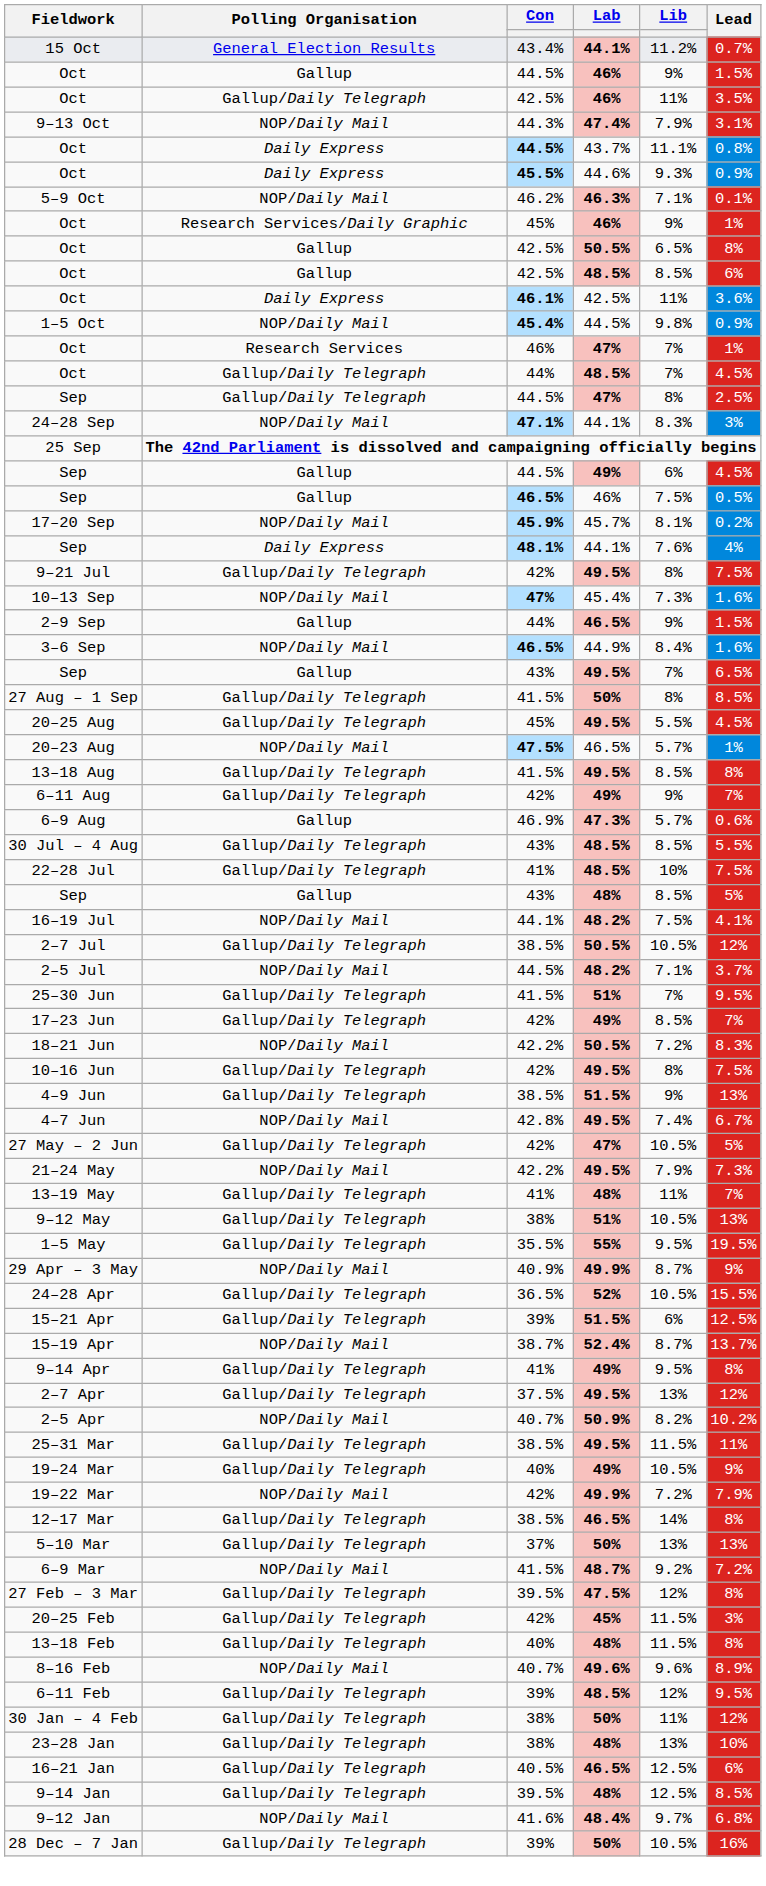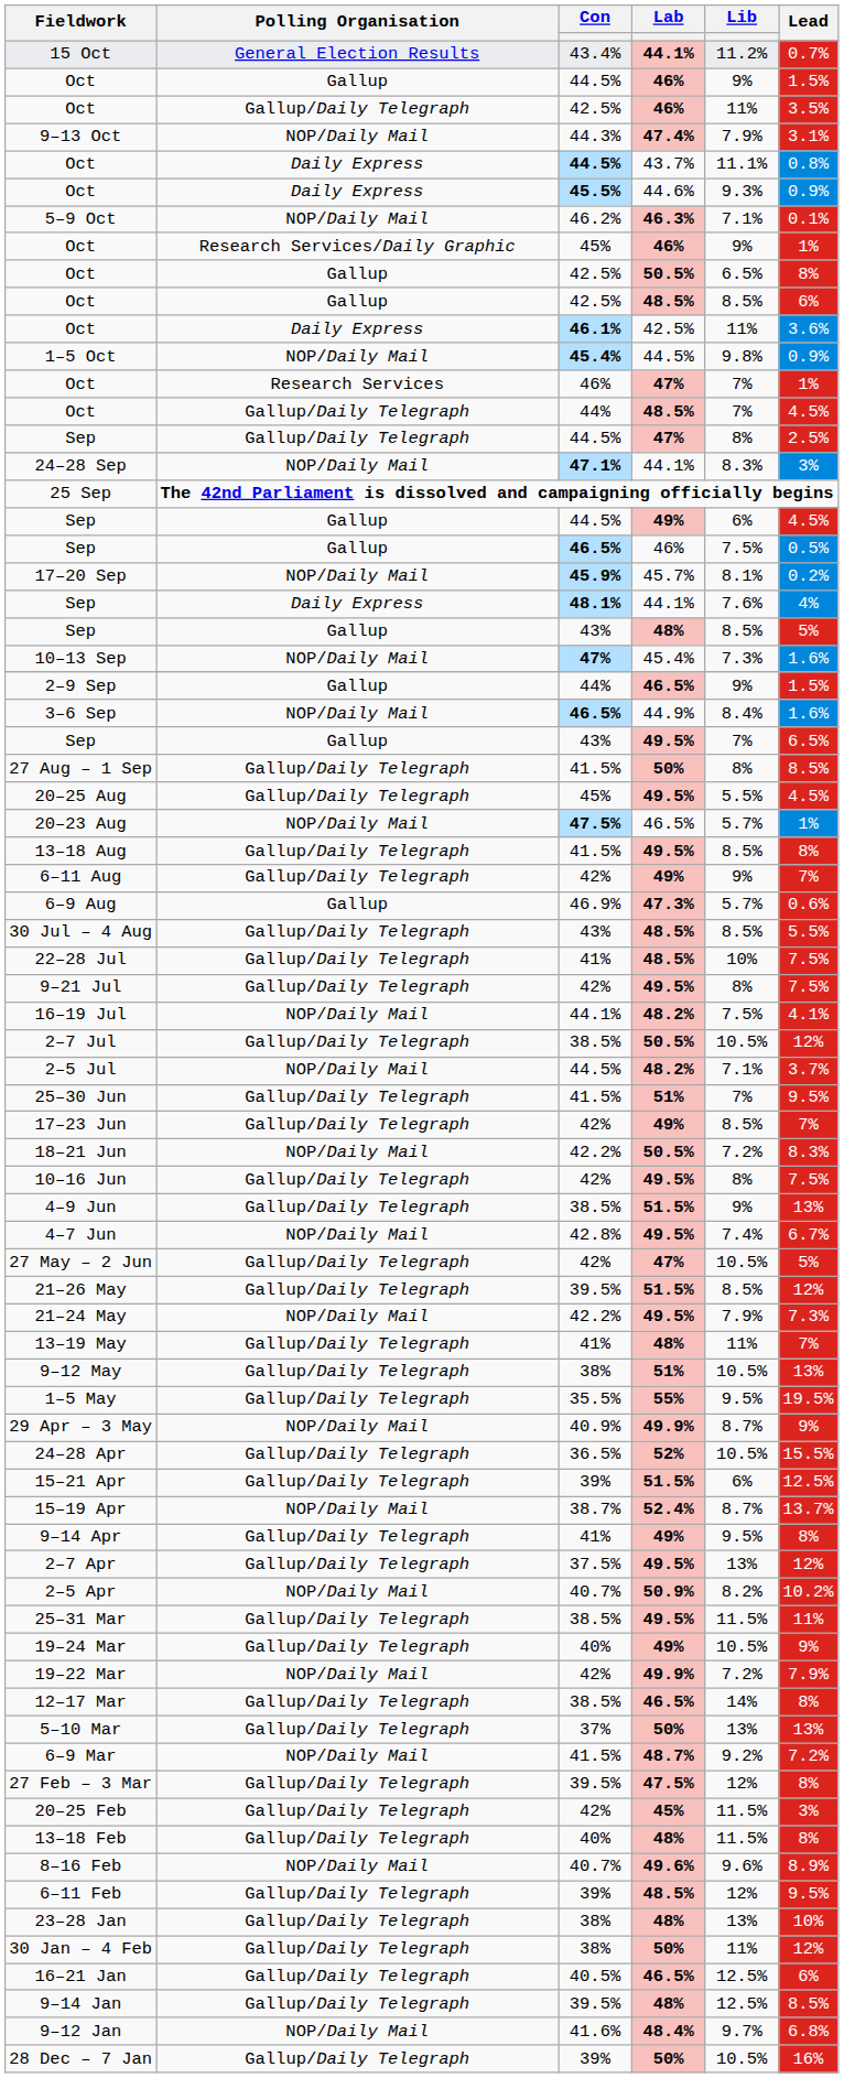 <table class="wikitable" style="text-align: center; line-height: 14px; font-size: 95%;">
 <tr>
 <th rowspan="2">Fieldwork</th>
 <th rowspan="2">Polling Organisation</th>
 <th><a href='#'>Con</a></th>
 <th><a href='#'>Lab</a></th>
 <th><a href='#'>Lib</a></th>
 <th class="unsortable" style="width:20px;" rowspan="2">Lead</th>
 </tr>
 <tr>
 <th style="background:"></th>
 <th style="background:"></th>
 <th style="background:"></th>
 </tr>
 <tr>
 <td style="background:#EAECF0;">15 Oct</td>
 <td style="background:#EAECF0;"><a href='#'>General Election Results</a></td>
 <td style="background:#EAECF0;">43.4%</td>
 <td style="background:#F8C1BE;"><strong>44.1%</strong></td>
 <td style="background:#EAECF0;">11.2%</td>
 <td style="background:#DC241F; color:white;">0.7%</td>
 </tr>
 <tr>
 <td>Oct</td>
 <td>Gallup</td>
 <td>44.5%</td>
 <td style="background:#F8C1BE"><strong>46%</strong></td>
 <td>9%</td>
 <td style="background:#DC241F; color:white;">1.5%</td>
 </tr>
 <tr>
 <td>Oct</td>
 <td>Gallup/<em>Daily Telegraph</em></td>
 <td>42.5%</td>
 <td style="background:#F8C1BE"><strong>46%</strong></td>
 <td>11%</td>
 <td style="background:#DC241F; color:white;">3.5%</td>
 </tr>
 <tr>
 <td>9–13 Oct</td>
 <td>NOP/<em>Daily Mail</em></td>
 <td>44.3%</td>
 <td style="background:#F8C1BE"><strong>47.4%</strong></td>
 <td>7.9%</td>
 <td style="background:#DC241F; color:white;">3.1%</td>
 </tr>
 <tr>
 <td>Oct</td>
 <td><em>Daily Express</em></td>
 <td style="background:#B3E0FF"><strong>44.5%</strong></td>
 <td>43.7%</td>
 <td>11.1%</td>
 <td style="background:#0087DC; color:white;">0.8%</td>
 </tr>
 <tr>
 <td>Oct</td>
 <td><em>Daily Express</em></td>
 <td style="background:#B3E0FF"><strong>45.5%</strong></td>
 <td>44.6%</td>
 <td>9.3%</td>
 <td style="background:#0087DC; color:white;">0.9%</td>
 </tr>
 <tr>
 <td>5–9 Oct</td>
 <td>NOP/<em>Daily Mail</em></td>
 <td>46.2%</td>
 <td style="background:#F8C1BE"><strong>46.3%</strong></td>
 <td>7.1%</td>
 <td style="background:#DC241F; color:white;">0.1%</td>
 </tr>
 <tr>
 <td>Oct</td>
 <td>Research Services/<em>Daily Graphic</em></td>
 <td>45%</td>
 <td style="background:#F8C1BE"><strong>46%</strong></td>
 <td>9%</td>
 <td style="background:#DC241F; color:white;">1%</td>
 </tr>
 <tr>
 <td>Oct</td>
 <td>Gallup</td>
 <td>42.5%</td>
 <td style="background:#F8C1BE"><strong>50.5%</strong></td>
 <td>6.5%</td>
 <td style="background:#DC241F; color:white;">8%</td>
 </tr>
 <tr>
 <td>Oct</td>
 <td>Gallup</td>
 <td>42.5%</td>
 <td style="background:#F8C1BE"><strong>48.5%</strong></td>
 <td>8.5%</td>
 <td style="background:#DC241F; color:white;">6%</td>
 </tr>
 <tr>
 <td>Oct</td>
 <td><em>Daily Express</em></td>
 <td style="background:#B3E0FF"><strong>46.1%</strong></td>
 <td>42.5%</td>
 <td>11%</td>
 <td style="background:#0087DC; color:white;">3.6%</td>
 </tr>
 <tr>
 <td>1–5 Oct</td>
 <td>NOP/<em>Daily Mail</em></td>
 <td style="background:#B3E0FF"><strong>45.4%</strong></td>
 <td>44.5%</td>
 <td>9.8%</td>
 <td style="background:#0087DC; color:white;">0.9%</td>
 </tr>
 <tr>
 <td>Oct</td>
 <td>Research Services</td>
 <td>46%</td>
 <td style="background:#F8C1BE"><strong>47%</strong></td>
 <td>7%</td>
 <td style="background:#DC241F; color:white;">1%</td>
 </tr>
 <tr>
 <td>Oct</td>
 <td>Gallup/<em>Daily Telegraph</em></td>
 <td>44%</td>
 <td style="background:#F8C1BE"><strong>48.5%</strong></td>
 <td>7%</td>
 <td style="background:#DC241F; color:white;">4.5%</td>
 </tr>
 <tr>
 <td>Sep</td>
 <td>Gallup/<em>Daily Telegraph</em></td>
 <td>44.5%</td>
 <td style="background:#F8C1BE"><strong>47%</strong></td>
 <td>8%</td>
 <td style="background:#DC241F; color:white;">2.5%</td>
 </tr>
 <tr>
 <td>24–28 Sep</td>
 <td>NOP/<em>Daily Mail</em></td>
 <td style="background:#B3E0FF"><strong>47.1%</strong></td>
 <td>44.1%</td>
 <td>8.3%</td>
 <td style="background:#0087DC; color:white;">3%</td>
 </tr>
 <tr>
 <td>25 Sep</td>
 <td colspan="5"><strong>The <a href='#'>42nd Parliament</a> is dissolved and campaigning officially begins</strong></td>
 </tr>
 <tr>
 <td>Sep</td>
 <td>Gallup</td>
 <td>44.5%</td>
 <td style="background:#F8C1BE"><strong>49%</strong></td>
 <td>6%</td>
 <td style="background:#DC241F; color:white;">4.5%</td>
 </tr>
 <tr>
 <td>Sep</td>
 <td>Gallup</td>
 <td style="background:#B3E0FF"><strong>46.5%</strong></td>
 <td>46%</td>
 <td>7.5%</td>
 <td style="background:#0087DC; color:white;">0.5%</td>
 </tr>
 <tr>
 <td>17–20 Sep</td>
 <td>NOP/<em>Daily Mail</em></td>
 <td style="background:#B3E0FF"><strong>45.9%</strong></td>
 <td>45.7%</td>
 <td>8.1%</td>
 <td style="background:#0087DC; color:white;">0.2%</td>
 </tr>
 <tr>
 <td>Sep</td>
 <td><em>Daily Express</em></td>
 <td style="background:#B3E0FF"><strong>48.1%</strong></td>
 <td>44.1%</td>
 <td>7.6%</td>
 <td style="background:#0087DC; color:white;">4%</td>
 </tr>
 <tr>
-<td>9–21 Jul</td>
-<td>Gallup/<em>Daily Telegraph</em></td>
-<td>42%</td>
-<td style="background:#F8C1BE"><strong>49.5%</strong></td>
-<td>8%</td>
-<td style="background:#DC241F; color:white;">7.5%</td>
+<td>Sep</td>
+<td>Gallup</td>
+<td>43%</td>
+<td style="background:#F8C1BE"><strong>48%</strong></td>
+<td>8.5%</td>
+<td style="background:#DC241F; color:white;">5%</td>
 </tr>
 <tr>
 <td>10–13 Sep</td>
 <td>NOP/<em>Daily Mail</em></td>
 <td style="background:#B3E0FF"><strong>47%</strong></td>
 <td>45.4%</td>
 <td>7.3%</td>
 <td style="background:#0087DC; color:white;">1.6%</td>
 </tr>
 <tr>
 </tr>
 <tr>
 <td>2–9 Sep</td>
 <td>Gallup</td>
 <td>44%</td>
 <td style="background:#F8C1BE"><strong>46.5%</strong></td>
 <td>9%</td>
 <td style="background:#DC241F; color:white;">1.5%</td>
 </tr>
 <tr>
 <td>3–6 Sep</td>
 <td>NOP/<em>Daily Mail</em></td>
 <td style="background:#B3E0FF"><strong>46.5%</strong></td>
 <td>44.9%</td>
 <td>8.4%</td>
 <td style="background:#0087DC; color:white;">1.6%</td>
 </tr>
 <tr>
 <td>Sep</td>
 <td>Gallup</td>
 <td>43%</td>
 <td style="background:#F8C1BE"><strong>49.5%</strong></td>
 <td>7%</td>
 <td style="background:#DC241F; color:white;">6.5%</td>
 </tr>
 <tr>
 <td>27 Aug – 1 Sep</td>
 <td>Gallup/<em>Daily Telegraph</em></td>
 <td>41.5%</td>
 <td style="background:#F8C1BE"><strong>50%</strong></td>
 <td>8%</td>
 <td style="background:#DC241F; color:white;">8.5%</td>
 </tr>
 <tr>
 <td>20–25 Aug</td>
 <td>Gallup/<em>Daily Telegraph</em></td>
 <td>45%</td>
 <td style="background:#F8C1BE"><strong>49.5%</strong></td>
 <td>5.5%</td>
 <td style="background:#DC241F; color:white;">4.5%</td>
 </tr>
 <tr>
 <td>20–23 Aug</td>
 <td>NOP/<em>Daily Mail</em></td>
 <td style="background:#B3E0FF"><strong>47.5%</strong></td>
 <td>46.5%</td>
 <td>5.7%</td>
 <td style="background:#0087DC; color:white;">1%</td>
 </tr>
 <tr>
 <td>13–18 Aug</td>
 <td>Gallup/<em>Daily Telegraph</em></td>
 <td>41.5%</td>
 <td style="background:#F8C1BE"><strong>49.5%</strong></td>
 <td>8.5%</td>
 <td style="background:#DC241F; color:white;">8%</td>
 </tr>
 <tr>
 <td>6–11 Aug</td>
 <td>Gallup/<em>Daily Telegraph</em></td>
 <td>42%</td>
 <td style="background:#F8C1BE"><strong>49%</strong></td>
 <td>9%</td>
 <td style="background:#DC241F; color:white;">7%</td>
 </tr>
 <tr>
 <td>6–9 Aug</td>
 <td>Gallup</td>
 <td>46.9%</td>
 <td style="background:#F8C1BE"><strong>47.3%</strong></td>
 <td>5.7%</td>
 <td style="background:#DC241F; color:white;">0.6%</td>
 </tr>
 <tr>
 <td>30 Jul – 4 Aug</td>
 <td>Gallup/<em>Daily Telegraph</em></td>
 <td>43%</td>
 <td style="background:#F8C1BE"><strong>48.5%</strong></td>
 <td>8.5%</td>
 <td style="background:#DC241F; color:white;">5.5%</td>
 </tr>
 <tr>
 <td>22–28 Jul</td>
 <td>Gallup/<em>Daily Telegraph</em></td>
 <td>41%</td>
 <td style="background:#F8C1BE"><strong>48.5%</strong></td>
 <td>10%</td>
 <td style="background:#DC241F; color:white;">7.5%</td>
 </tr>
 <tr>
-<td>Sep</td>
-<td>Gallup</td>
-<td>43%</td>
-<td style="background:#F8C1BE"><strong>48%</strong></td>
-<td>8.5%</td>
-<td style="background:#DC241F; color:white;">5%</td>
+<td>9–21 Jul</td>
+<td>Gallup/<em>Daily Telegraph</em></td>
+<td>42%</td>
+<td style="background:#F8C1BE"><strong>49.5%</strong></td>
+<td>8%</td>
+<td style="background:#DC241F; color:white;">7.5%</td>
 </tr>
 <tr>
 <td>16–19 Jul</td>
 <td>NOP/<em>Daily Mail</em></td>
 <td>44.1%</td>
 <td style="background:#F8C1BE"><strong>48.2%</strong></td>
 <td>7.5%</td>
 <td style="background:#DC241F; color:white;">4.1%</td>
 </tr>
 <tr>
 <td>2–7 Jul</td>
 <td>Gallup/<em>Daily Telegraph</em></td>
 <td>38.5%</td>
 <td style="background:#F8C1BE"><strong>50.5%</strong></td>
 <td>10.5%</td>
 <td style="background:#DC241F; color:white;">12%</td>
 </tr>
 <tr>
 <td>2–5 Jul</td>
 <td>NOP/<em>Daily Mail</em></td>
 <td>44.5%</td>
 <td style="background:#F8C1BE"><strong>48.2%</strong></td>
 <td>7.1%</td>
 <td style="background:#DC241F; color:white;">3.7%</td>
 </tr>
 <tr>
 <td>25–30 Jun</td>
 <td>Gallup/<em>Daily Telegraph</em></td>
 <td>41.5%</td>
 <td style="background:#F8C1BE"><strong>51%</strong></td>
 <td>7%</td>
 <td style="background:#DC241F; color:white;">9.5%</td>
 </tr>
 <tr>
 <td>17–23 Jun</td>
 <td>Gallup/<em>Daily Telegraph</em></td>
 <td>42%</td>
 <td style="background:#F8C1BE"><strong>49%</strong></td>
 <td>8.5%</td>
 <td style="background:#DC241F; color:white;">7%</td>
 </tr>
 <tr>
 <td>18–21 Jun</td>
 <td>NOP/<em>Daily Mail</em></td>
 <td>42.2%</td>
 <td style="background:#F8C1BE"><strong>50.5%</strong></td>
 <td>7.2%</td>
 <td style="background:#DC241F; color:white;">8.3%</td>
 </tr>
 <tr>
 <td>10–16 Jun</td>
 <td>Gallup/<em>Daily Telegraph</em></td>
 <td>42%</td>
 <td style="background:#F8C1BE"><strong>49.5%</strong></td>
 <td>8%</td>
 <td style="background:#DC241F; color:white;">7.5%</td>
 </tr>
 <tr>
 <td>4–9 Jun</td>
 <td>Gallup/<em>Daily Telegraph</em></td>
 <td>38.5%</td>
 <td style="background:#F8C1BE"><strong>51.5%</strong></td>
 <td>9%</td>
 <td style="background:#DC241F; color:white;">13%</td>
 </tr>
 <tr>
 <td>4–7 Jun</td>
 <td>NOP/<em>Daily Mail</em></td>
 <td>42.8%</td>
 <td style="background:#F8C1BE"><strong>49.5%</strong></td>
 <td>7.4%</td>
 <td style="background:#DC241F; color:white;">6.7%</td>
 </tr>
 <tr>
 <td>27 May – 2 Jun</td>
 <td>Gallup/<em>Daily Telegraph</em></td>
 <td>42%</td>
 <td style="background:#F8C1BE"><strong>47%</strong></td>
 <td>10.5%</td>
 <td style="background:#DC241F; color:white;">5%</td>
+</tr>
+<tr>
+<td>21–26 May</td>
+<td>Gallup/<em>Daily Telegraph</em></td>
+<td>39.5%</td>
+<td style="background:#F8C1BE"><strong>51.5%</strong></td>
+<td>8.5%</td>
+<td style="background:#DC241F; color:white;">12%</td>
 </tr>
 <tr>
 <td>21–24 May</td>
 <td>NOP/<em>Daily Mail</em></td>
 <td>42.2%</td>
 <td style="background:#F8C1BE"><strong>49.5%</strong></td>
 <td>7.9%</td>
 <td style="background:#DC241F; color:white;">7.3%</td>
 </tr>
 <tr>
 <td>13–19 May</td>
 <td>Gallup/<em>Daily Telegraph</em></td>
 <td>41%</td>
 <td style="background:#F8C1BE"><strong>48%</strong></td>
 <td>11%</td>
 <td style="background:#DC241F; color:white;">7%</td>
 </tr>
 <tr>
 <td>9–12 May</td>
 <td>Gallup/<em>Daily Telegraph</em></td>
 <td>38%</td>
 <td style="background:#F8C1BE"><strong>51%</strong></td>
 <td>10.5%</td>
 <td style="background:#DC241F; color:white;">13%</td>
 </tr>
 <tr>
 <td>1–5 May</td>
 <td>Gallup/<em>Daily Telegraph</em></td>
 <td>35.5%</td>
 <td style="background:#F8C1BE"><strong>55%</strong></td>
 <td>9.5%</td>
 <td style="background:#DC241F; color:white;">19.5%</td>
 </tr>
 <tr>
 <td>29 Apr – 3 May</td>
 <td>NOP/<em>Daily Mail</em></td>
 <td>40.9%</td>
 <td style="background:#F8C1BE"><strong>49.9%</strong></td>
 <td>8.7%</td>
 <td style="background:#DC241F; color:white;">9%</td>
 </tr>
 <tr>
 <td>24–28 Apr</td>
 <td>Gallup/<em>Daily Telegraph</em></td>
 <td>36.5%</td>
 <td style="background:#F8C1BE"><strong>52%</strong></td>
 <td>10.5%</td>
 <td style="background:#DC241F; color:white;">15.5%</td>
 </tr>
 <tr>
 <td>15–21 Apr</td>
 <td>Gallup/<em>Daily Telegraph</em></td>
 <td>39%</td>
 <td style="background:#F8C1BE"><strong>51.5%</strong></td>
 <td>6%</td>
 <td style="background:#DC241F; color:white;">12.5%</td>
 </tr>
 <tr>
 <td>15–19 Apr</td>
 <td>NOP/<em>Daily Mail</em></td>
 <td>38.7%</td>
 <td style="background:#F8C1BE"><strong>52.4%</strong></td>
 <td>8.7%</td>
 <td style="background:#DC241F; color:white;">13.7%</td>
 </tr>
 <tr>
 <td>9–14 Apr</td>
 <td>Gallup/<em>Daily Telegraph</em></td>
 <td>41%</td>
 <td style="background:#F8C1BE"><strong>49%</strong></td>
 <td>9.5%</td>
 <td style="background:#DC241F; color:white;">8%</td>
 </tr>
 <tr>
 <td>2–7 Apr</td>
 <td>Gallup/<em>Daily Telegraph</em></td>
 <td>37.5%</td>
 <td style="background:#F8C1BE"><strong>49.5%</strong></td>
 <td>13%</td>
 <td style="background:#DC241F; color:white;">12%</td>
 </tr>
 <tr>
 <td>2–5 Apr</td>
 <td>NOP/<em>Daily Mail</em></td>
 <td>40.7%</td>
 <td style="background:#F8C1BE"><strong>50.9%</strong></td>
 <td>8.2%</td>
 <td style="background:#DC241F; color:white;">10.2%</td>
 </tr>
 <tr>
 <td>25–31 Mar</td>
 <td>Gallup/<em>Daily Telegraph</em></td>
 <td>38.5%</td>
 <td style="background:#F8C1BE"><strong>49.5%</strong></td>
 <td>11.5%</td>
 <td style="background:#DC241F; color:white;">11%</td>
 </tr>
 <tr>
 <td>19–24 Mar</td>
 <td>Gallup/<em>Daily Telegraph</em></td>
 <td>40%</td>
 <td style="background:#F8C1BE"><strong>49%</strong></td>
 <td>10.5%</td>
 <td style="background:#DC241F; color:white;">9%</td>
 </tr>
 <tr>
 <td>19–22 Mar</td>
 <td>NOP/<em>Daily Mail</em></td>
 <td>42%</td>
 <td style="background:#F8C1BE"><strong>49.9%</strong></td>
 <td>7.2%</td>
 <td style="background:#DC241F; color:white;">7.9%</td>
 </tr>
 <tr>
 <td>12–17 Mar</td>
 <td>Gallup/<em>Daily Telegraph</em></td>
 <td>38.5%</td>
 <td style="background:#F8C1BE"><strong>46.5%</strong></td>
 <td>14%</td>
 <td style="background:#DC241F; color:white;">8%</td>
 </tr>
 <tr>
 <td>5–10 Mar</td>
 <td>Gallup/<em>Daily Telegraph</em></td>
 <td>37%</td>
 <td style="background:#F8C1BE"><strong>50%</strong></td>
 <td>13%</td>
 <td style="background:#DC241F; color:white;">13%</td>
 </tr>
 <tr>
 <td>6–9 Mar</td>
 <td>NOP/<em>Daily Mail</em></td>
 <td>41.5%</td>
 <td style="background:#F8C1BE"><strong>48.7%</strong></td>
 <td>9.2%</td>
 <td style="background:#DC241F; color:white;">7.2%</td>
 </tr>
 <tr>
 <td>27 Feb – 3 Mar</td>
 <td>Gallup/<em>Daily Telegraph</em></td>
 <td>39.5%</td>
 <td style="background:#F8C1BE"><strong>47.5%</strong></td>
 <td>12%</td>
 <td style="background:#DC241F; color:white;">8%</td>
 </tr>
 <tr>
 <td>20–25 Feb</td>
 <td>Gallup/<em>Daily Telegraph</em></td>
 <td>42%</td>
 <td style="background:#F8C1BE"><strong>45%</strong></td>
 <td>11.5%</td>
 <td style="background:#DC241F; color:white;">3%</td>
 </tr>
 <tr>
 <td>13–18 Feb</td>
 <td>Gallup/<em>Daily Telegraph</em></td>
 <td>40%</td>
 <td style="background:#F8C1BE"><strong>48%</strong></td>
 <td>11.5%</td>
 <td style="background:#DC241F; color:white;">8%</td>
 </tr>
 <tr>
 <td>8–16 Feb</td>
 <td>NOP/<em>Daily Mail</em></td>
 <td>40.7%</td>
 <td style="background:#F8C1BE"><strong>49.6%</strong></td>
 <td>9.6%</td>
 <td style="background:#DC241F; color:white;">8.9%</td>
 </tr>
 <tr>
 <td>6–11 Feb</td>
 <td>Gallup/<em>Daily Telegraph</em></td>
 <td>39%</td>
 <td style="background:#F8C1BE"><strong>48.5%</strong></td>
 <td>12%</td>
 <td style="background:#DC241F; color:white;">9.5%</td>
 </tr>
 <tr>
+<td>23–28 Jan</td>
+<td>Gallup/<em>Daily Telegraph</em></td>
+<td>38%</td>
+<td style="background:#F8C1BE"><strong>48%</strong></td>
+<td>13%</td>
+<td style="background:#DC241F; color:white;">10%</td>
+</tr>
+<tr>
 <td>30 Jan – 4 Feb</td>
 <td>Gallup/<em>Daily Telegraph</em></td>
 <td>38%</td>
 <td style="background:#F8C1BE"><strong>50%</strong></td>
 <td>11%</td>
 <td style="background:#DC241F; color:white;">12%</td>
-</tr>
-<tr>
-<td>23–28 Jan</td>
-<td>Gallup/<em>Daily Telegraph</em></td>
-<td>38%</td>
-<td style="background:#F8C1BE"><strong>48%</strong></td>
-<td>13%</td>
-<td style="background:#DC241F; color:white;">10%</td>
 </tr>
 <tr>
 <td>16–21 Jan</td>
 <td>Gallup/<em>Daily Telegraph</em></td>
 <td>40.5%</td>
 <td style="background:#F8C1BE"><strong>46.5%</strong></td>
 <td>12.5%</td>
 <td style="background:#DC241F; color:white;">6%</td>
 </tr>
 <tr>
 <td>9–14 Jan</td>
 <td>Gallup/<em>Daily Telegraph</em></td>
 <td>39.5%</td>
 <td style="background:#F8C1BE"><strong>48%</strong></td>
 <td>12.5%</td>
 <td style="background:#DC241F; color:white;">8.5%</td>
 </tr>
 <tr>
 <td>9–12 Jan</td>
 <td>NOP/<em>Daily Mail</em></td>
 <td>41.6%</td>
 <td style="background:#F8C1BE"><strong>48.4%</strong></td>
 <td>9.7%</td>
 <td style="background:#DC241F; color:white;">6.8%</td>
 </tr>
 <tr>
 <td>28 Dec – 7 Jan</td>
 <td>Gallup/<em>Daily Telegraph</em></td>
 <td>39%</td>
 <td style="background:#F8C1BE"><strong>50%</strong></td>
 <td>10.5%</td>
 <td style="background:#DC241F; color:white;">16%</td>
 </tr>
 </table>
